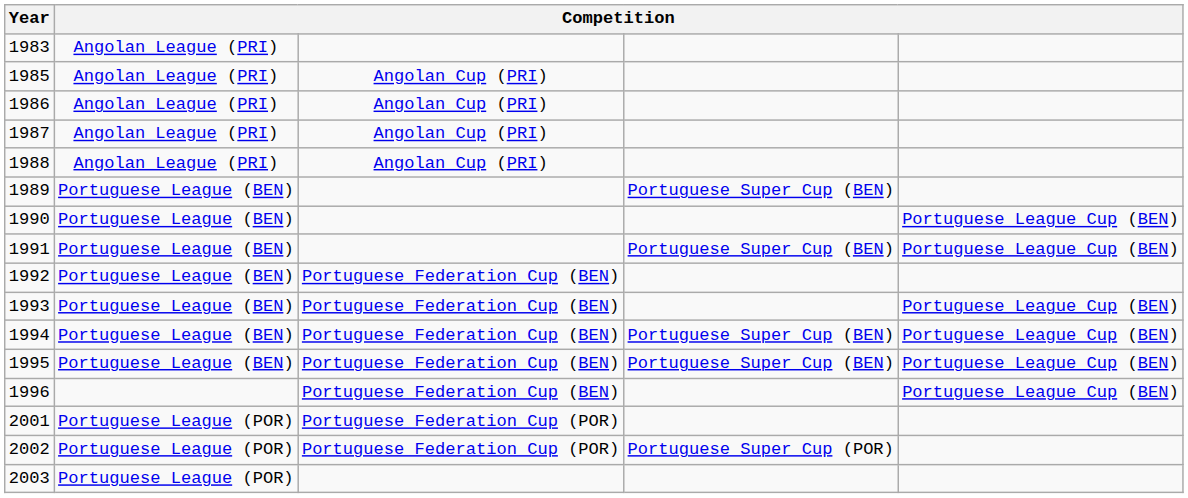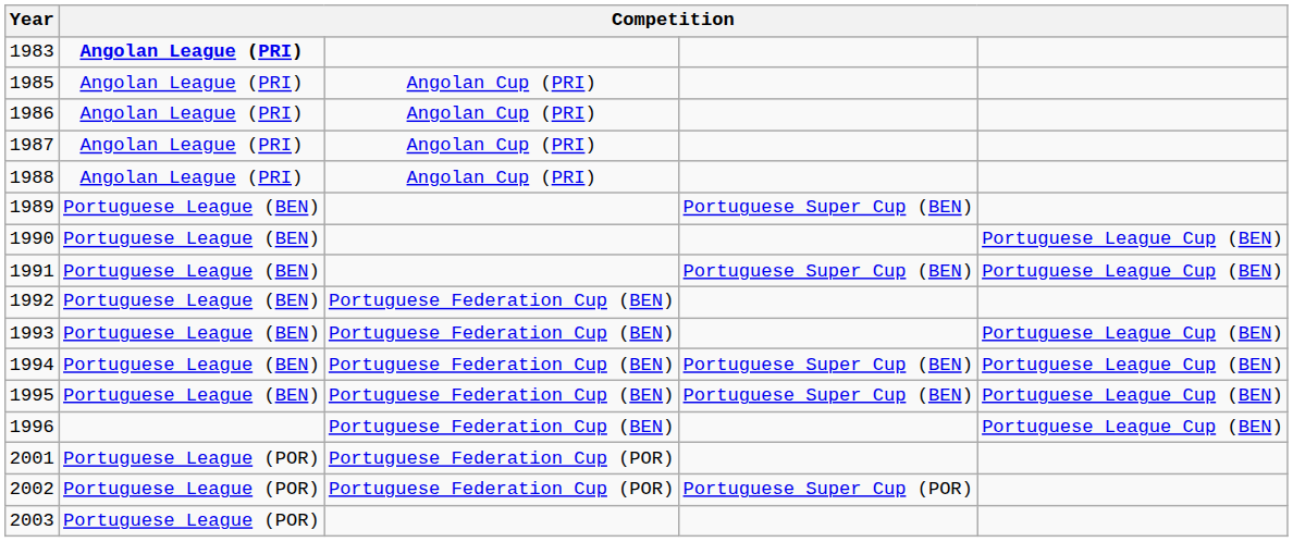 <table class="wikitable" style="text-align:center; font-size:90%;">
 <tr>
 <th>Year</th>
 <th colspan="5">Competition</th>
 </tr>
 <tr>
 <td>1983</td>
-<td align="center"><a href='#'>Angolan League</a> <span>(<a href='#'>PRI</a>)</span></td>
+<td align="center"><strong><a href='#'>Angolan League</a> <span>(<a href='#'>PRI</a>)</span></strong></td>
 <td></td>
 <td></td>
 <td></td>
 </tr>
 <tr>
 <td>1985</td>
 <td align="center"><a href='#'>Angolan League</a> <span>(<a href='#'>PRI</a>)</span></td>
 <td><a href='#'>Angolan Cup</a><span> (<a href='#'>PRI</a>)</span></td>
 <td></td>
 <td></td>
 </tr>
 <tr>
 <td>1986</td>
 <td><a href='#'>Angolan League</a> <span>(<a href='#'>PRI</a>)</span></td>
 <td><a href='#'>Angolan Cup</a><span> (<a href='#'>PRI</a>)</span></td>
 <td></td>
 <td></td>
 </tr>
 <tr>
 <td>1987</td>
 <td><a href='#'>Angolan League</a> <span>(<a href='#'>PRI</a>)</span></td>
 <td><a href='#'>Angolan Cup</a><span> (<a href='#'>PRI</a>)</span></td>
 <td></td>
 <td></td>
 </tr>
 <tr>
 <td>1988</td>
 <td><a href='#'>Angolan League</a> <span> (<a href='#'>PRI</a>)</span></td>
 <td><a href='#'>Angolan Cup</a><span> (<a href='#'>PRI</a>)</span></td>
 <td></td>
 <td></td>
 </tr>
 <tr>
 <td>1989</td>
 <td><a href='#'>Portuguese League</a> <span>(<a href='#'>BEN</a>)</span></td>
 <td></td>
 <td align="center"><a href='#'>Portuguese Super Cup</a><span> (<a href='#'>BEN</a>)</span></td>
 <td></td>
 </tr>
 <tr>
 <td>1990</td>
 <td><a href='#'>Portuguese League</a> <span>(<a href='#'>BEN</a>)</span></td>
 <td></td>
 <td></td>
 <td align="center"><a href='#'>Portuguese League Cup</a> <span>(<a href='#'>BEN</a>)</span></td>
 </tr>
 <tr>
 <td>1991</td>
 <td><a href='#'>Portuguese League</a> <span>(<a href='#'>BEN</a>)</span></td>
 <td></td>
 <td align="center"><a href='#'>Portuguese Super Cup</a><span> (<a href='#'>BEN</a>)</span></td>
 <td><a href='#'>Portuguese League Cup</a> <span>(<a href='#'>BEN</a>)</span></td>
 </tr>
 <tr>
 <td>1992</td>
 <td><a href='#'>Portuguese League</a> <span>(<a href='#'>BEN</a>)</span></td>
 <td align="center"><a href='#'>Portuguese Federation Cup</a><span> (<a href='#'>BEN</a>)</span></td>
 <td></td>
 <td></td>
 </tr>
 <tr>
 <td>1993</td>
 <td><a href='#'>Portuguese League</a> <span>(<a href='#'>BEN</a>)</span></td>
 <td align="center"><a href='#'>Portuguese Federation Cup</a><span> (<a href='#'>BEN</a>)</span></td>
 <td></td>
 <td><a href='#'>Portuguese League Cup</a> <span>(<a href='#'>BEN</a>)</span></td>
 </tr>
 <tr>
 <td>1994</td>
 <td><a href='#'>Portuguese League</a> <span>(<a href='#'>BEN</a>)</span></td>
 <td align="center"><a href='#'>Portuguese Federation Cup</a><span> (<a href='#'>BEN</a>)</span></td>
 <td align="center"><a href='#'>Portuguese Super Cup</a><span> (<a href='#'>BEN</a>)</span></td>
 <td><a href='#'>Portuguese League Cup</a> <span>(<a href='#'>BEN</a>)</span></td>
 </tr>
 <tr>
 <td>1995</td>
 <td><a href='#'>Portuguese League</a> <span>(<a href='#'>BEN</a>)</span></td>
 <td align="center"><a href='#'>Portuguese Federation Cup</a><span> (<a href='#'>BEN</a>)</span></td>
 <td><a href='#'>Portuguese Super Cup</a><span> (<a href='#'>BEN</a>)</span></td>
 <td><a href='#'>Portuguese League Cup</a> <span>(<a href='#'>BEN</a>)</span></td>
 </tr>
 <tr>
 <td>1996</td>
 <td></td>
 <td align="center"><a href='#'>Portuguese Federation Cup</a><span> (<a href='#'>BEN</a>)</span></td>
 <td></td>
 <td><a href='#'>Portuguese League Cup</a> <span>(<a href='#'>BEN</a>)</span></td>
 </tr>
 <tr>
 <td>2001</td>
 <td><a href='#'>Portuguese League</a> <span>(POR)</span></td>
 <td align="center"><a href='#'>Portuguese Federation Cup</a><span> (POR)</span></td>
 <td></td>
 <td></td>
 </tr>
 <tr>
 <td>2002</td>
 <td><a href='#'>Portuguese League</a> <span>(POR)</span></td>
 <td align="center"><a href='#'>Portuguese Federation Cup</a><span> (POR)</span></td>
 <td><a href='#'>Portuguese Super Cup</a><span> (POR)</span></td>
 <td></td>
 </tr>
 <tr>
 <td>2003</td>
 <td><a href='#'>Portuguese League</a> <span>(POR)</span></td>
 <td></td>
 <td></td>
 <td></td>
 </tr>
 </table>
